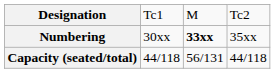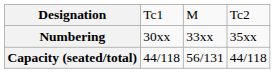 <table class="wikitable">
 <tr>
 <th>Designation</th>
 <td>Tc1</td>
 <td>M</td>
 <td>Tc2</td>
 </tr>
 <tr>
 <th>Numbering</th>
 <td>30xx</td>
-<td><strong>33xx</strong></td>
+<td>33xx</td>
 <td>35xx</td>
 </tr>
 <tr>
 <th>Capacity (seated/total)</th>
 <td>44/118</td>
 <td>56/131</td>
 <td>44/118</td>
 </tr>
 </table>
